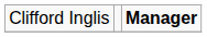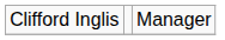 <table class="wikitable">
 <tr>
 </tr>
 <tr>
 <td>Clifford Inglis</td>
 <td></td>
-<td><strong>Manager</strong></td>
+<td>Manager</td>
 </tr>
 <tr>
 </tr>
 </table>
